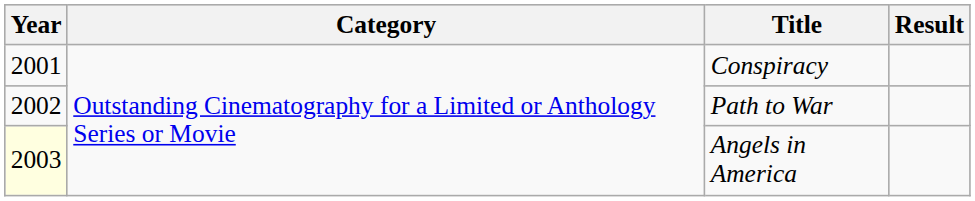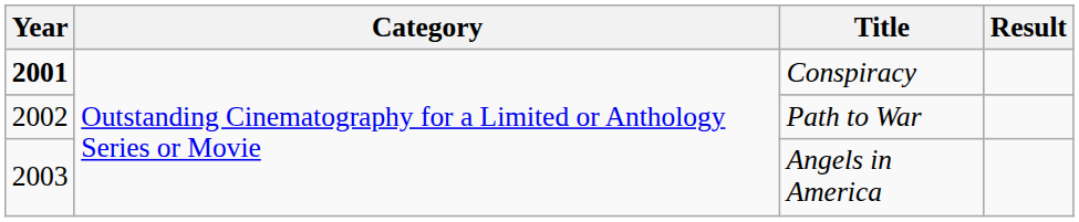 <table class="wikitable">
 <tr>
 <th>Year</th>
 <th>Category</th>
 <th>Title</th>
 <th>Result</th>
 </tr>
 <tr>
-<td>2001</td>
+<td><strong>2001</strong></td>
 <td rowspan=3><a href='#'>Outstanding Cinematography for a Limited or Anthology Series or Movie</a></td>
 <td><em>Conspiracy</em></td>
 <td></td>
 </tr>
 <tr>
 <td>2002</td>
 <td><em>Path to War</em></td>
 <td></td>
 </tr>
 <tr>
-<td style="background: lightyellow;">2003</td>
+<td>2003</td>
 <td><em>Angels in America</em></td>
 <td></td>
 </tr>
 </table>
